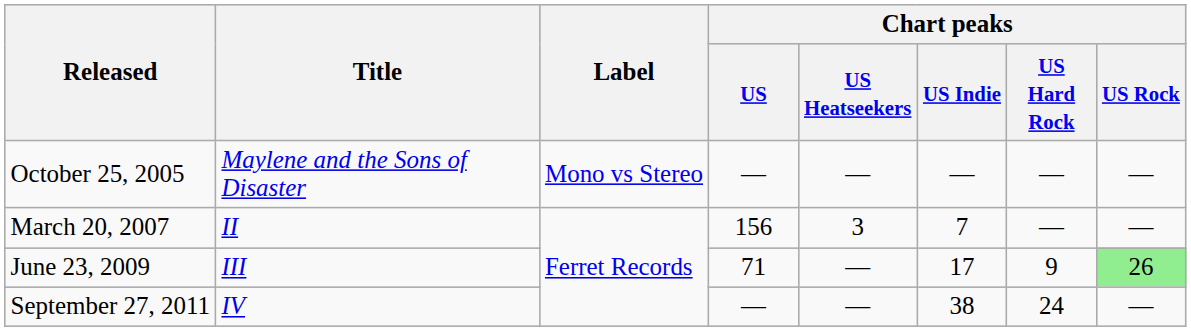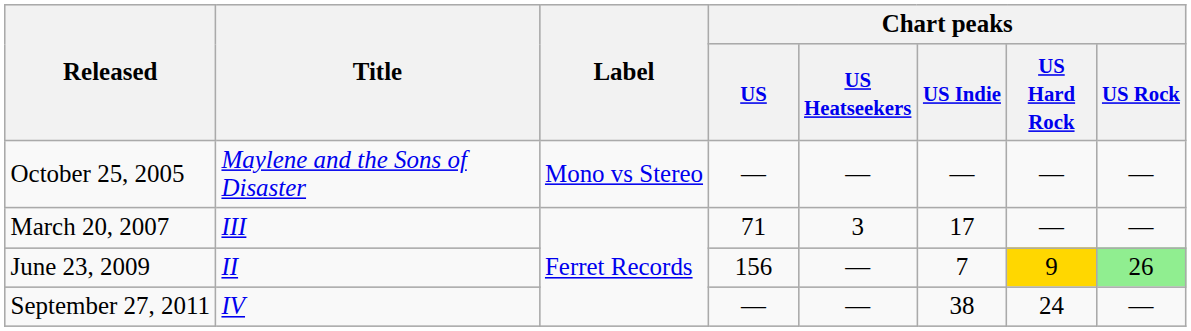 <table class="wikitable">
 <tr>
 <th rowspan="2">Released</th>
 <th style="width:200px;" rowspan="2">Title</th>
 <th rowspan="2">Label</th>
 <th colspan="5">Chart peaks</th>
 </tr>
 <tr>
 <th style="width:50px;"><small><a href='#'>US</a></small></th>
 <th style="width:50px;"><small><a href='#'>US Heatseekers</a></small></th>
 <th style="width:50px;"><small><a href='#'>US Indie</a></small></th>
 <th style="width:50px;"><small><a href='#'>US Hard Rock</a></small></th>
 <th style="width:50px;"><small><a href='#'>US Rock</a></small></th>
 </tr>
 <tr>
 <td>October 25, 2005</td>
 <td><em><a href='#'>Maylene and the Sons of Disaster</a></em></td>
 <td><a href='#'>Mono vs Stereo</a></td>
 <td style="text-align:center;">—</td>
 <td style="text-align:center;">—</td>
 <td style="text-align:center;">—</td>
 <td style="text-align:center;">—</td>
 <td style="text-align:center;">—</td>
 </tr>
 <tr>
 <td>March 20, 2007</td>
-<td><em><a href='#'>II</a></em></td>
+<td><em><a href='#'>III</a></em></td>
 <td rowspan="3"><a href='#'>Ferret Records</a></td>
-<td style="text-align:center;">156</td>
+<td style="text-align:center;">71</td>
 <td style="text-align:center;">3</td>
-<td style="text-align:center;">7</td>
+<td style="text-align:center;">17</td>
 <td style="text-align:center;">—</td>
 <td style="text-align:center;">—</td>
 </tr>
 <tr>
 <td>June 23, 2009</td>
-<td><em><a href='#'>III</a></em></td>
-<td style="text-align:center;">71</td>
+<td><em><a href='#'>II</a></em></td>
+<td style="text-align:center;">156</td>
 <td style="text-align:center;">—</td>
-<td style="text-align:center;">17</td>
-<td style="text-align:center;">9</td>
+<td style="text-align:center;">7</td>
+<td style="background: gold; text-align:center;">9</td>
 <td style="background: lightgreen; text-align:center;">26</td>
 </tr>
 <tr>
 <td>September 27, 2011</td>
 <td><em><a href='#'>IV</a></em></td>
 <td style="text-align:center;">—</td>
 <td style="text-align:center;">—</td>
 <td style="text-align:center;">38</td>
 <td style="text-align:center;">24</td>
 <td style="text-align:center;">—</td>
 </tr>
 </table>
